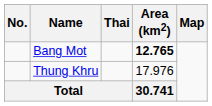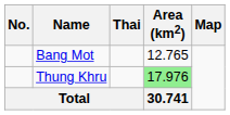 <table class="wikitable sortable">
 <tr>
 <th>No.</th>
 <th>Name</th>
 <th>Thai</th>
 <th>Area<br>(km<sup>2</sup>)</th>
 <th>Map</th>
 </tr>
 <tr>
 <td></td>
 <td><a href='#'>Bang Mot</a></td>
 <td></td>
-<td><strong><div>12.765</div></strong></td>
+<td><div>12.765</div></td>
 <td rowspan=3></td>
 </tr>
 <tr>
 <td></td>
 <td><a href='#'>Thung Khru</a></td>
 <td></td>
-<td><div>17.976</div></td>
+<td style="background: lightgreen;"><div>17.976</div></td>
 </tr>
 <tr>
 <th colspan=3>Total</th>
 <th><div>30.741</div></th>
 </tr>
 </table>
